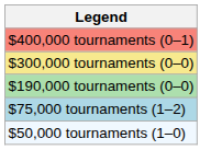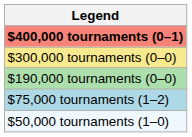 <table class=wikitable style="font-size:90%">
 <tr>
 <th>Legend</th>
 </tr>
 <tr style="background:#f88379;">
-<td>$400,000 tournaments (0–1)</td>
+<td><strong>$400,000 tournaments (0–1)</strong></td>
 </tr>
 <tr style="background:#f7e98e;">
 <td>$300,000 tournaments (0–0)</td>
 </tr>
 <tr style="background:#addfad;">
 <td>$190,000 tournaments (0–0)</td>
 </tr>
 <tr style="background:lightblue;">
 <td>$75,000 tournaments (1–2)</td>
 </tr>
 <tr style="background:#f0f8ff;">
 <td>$50,000 tournaments (1–0)</td>
 </tr>
 </table>
